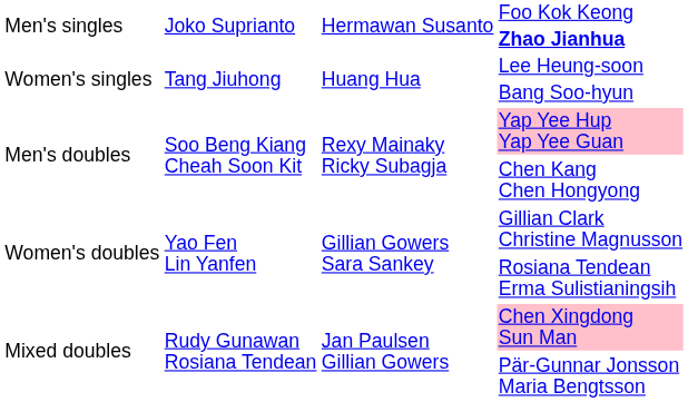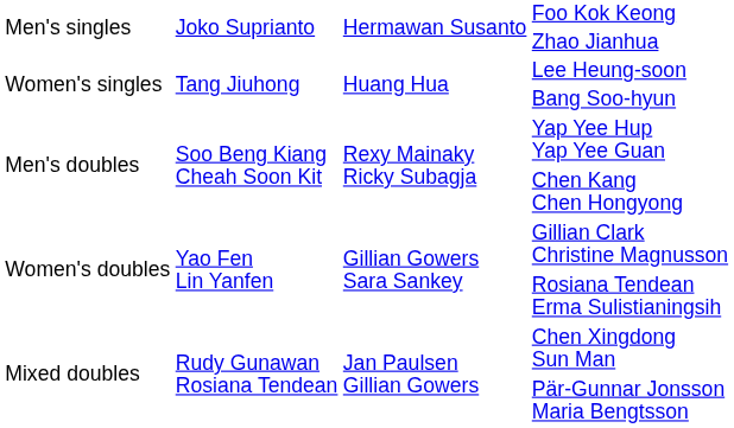 <table>
 <tr>
 <td rowspan=2>Men's singles</td>
 <td rowspan=2> <a href='#'>Joko Suprianto</a></td>
 <td rowspan=2> <a href='#'>Hermawan Susanto</a></td>
 <td> <a href='#'>Foo Kok Keong</a></td>
 </tr>
 <tr>
-<td><strong> <a href='#'>Zhao Jianhua</a></strong></td>
+<td> <a href='#'>Zhao Jianhua</a></td>
 </tr>
 <tr>
 <td rowspan=2>Women's singles</td>
 <td rowspan=2> <a href='#'>Tang Jiuhong</a></td>
 <td rowspan=2> <a href='#'>Huang Hua</a></td>
 <td> <a href='#'>Lee Heung-soon</a></td>
 </tr>
 <tr>
 <td> <a href='#'>Bang Soo-hyun</a></td>
 </tr>
 <tr>
 <td rowspan=2>Men's doubles</td>
 <td rowspan=2> <a href='#'>Soo Beng Kiang</a> <br>  <a href='#'>Cheah Soon Kit</a></td>
 <td rowspan=2> <a href='#'>Rexy Mainaky</a> <br>  <a href='#'>Ricky Subagja</a></td>
-<td style="background: pink;"> <a href='#'>Yap Yee Hup</a> <br>  <a href='#'>Yap Yee Guan</a></td>
+<td> <a href='#'>Yap Yee Hup</a> <br>  <a href='#'>Yap Yee Guan</a></td>
 </tr>
 <tr>
 <td> <a href='#'>Chen Kang</a> <br>  <a href='#'>Chen Hongyong</a></td>
 </tr>
 <tr>
 <td rowspan=2>Women's doubles</td>
 <td rowspan=2> <a href='#'>Yao Fen</a> <br>  <a href='#'>Lin Yanfen</a></td>
 <td rowspan=2> <a href='#'>Gillian Gowers</a> <br>  <a href='#'>Sara Sankey</a></td>
 <td> <a href='#'>Gillian Clark</a> <br>  <a href='#'>Christine Magnusson</a></td>
 </tr>
 <tr>
 <td> <a href='#'>Rosiana Tendean</a> <br>  <a href='#'>Erma Sulistianingsih</a></td>
 </tr>
 <tr>
 <td rowspan=2>Mixed doubles</td>
 <td rowspan=2> <a href='#'>Rudy Gunawan</a><br>  <a href='#'>Rosiana Tendean</a></td>
 <td rowspan=2> <a href='#'>Jan Paulsen</a> <br>  <a href='#'>Gillian Gowers</a></td>
-<td style="background: pink;"> <a href='#'>Chen Xingdong</a> <br>  <a href='#'>Sun Man</a></td>
+<td> <a href='#'>Chen Xingdong</a> <br>  <a href='#'>Sun Man</a></td>
 </tr>
 <tr>
 <td> <a href='#'>Pär-Gunnar Jonsson</a> <br>  <a href='#'>Maria Bengtsson</a></td>
 </tr>
 </table>
